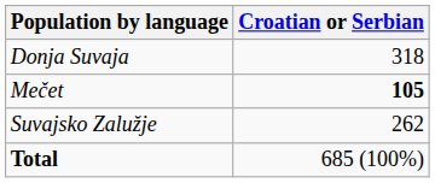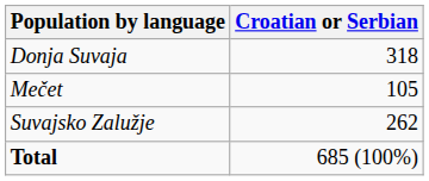 <table class="wikitable sortable">
 <tr>
 <th>Population by language</th>
 <th><a href='#'>Croatian</a> or <a href='#'>Serbian</a></th>
 </tr>
 <tr>
 <td><em>Donja Suvaja</em></td>
 <td align="right">318</td>
 </tr>
 <tr>
 <td><em>Mečet</em></td>
-<td align="right"><strong>105</strong></td>
+<td align="right">105</td>
 </tr>
 <tr>
 <td><em>Suvajsko Zalužje</em></td>
 <td align="right">262</td>
 </tr>
 <tr>
 <td><strong>Total</strong></td>
 <td align="right">685 (100%)</td>
 </tr>
 </table>
